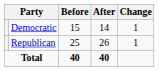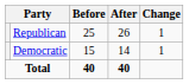 <table class="wikitable" style="text-align:center;">
 <tr>
 <th colspan="2">Party</th>
 <th>Before</th>
 <th>After</th>
 <th>Change</th>
 </tr>
 <tr>
 <th style="background-color:"></th>
-<td style="text-align:left;"><a href='#'>Democratic</a></td>
-<td>15</td>
-<td>14</td>
+<td style="text-align:left;"><a href='#'>Republican</a></td>
+<td>25</td>
+<td>26</td>
 <td> 1</td>
 </tr>
 <tr>
 <th style="background-color:"></th>
-<td style="text-align:left;"><a href='#'>Republican</a></td>
-<td>25</td>
-<td>26</td>
+<td style="text-align:left;"><a href='#'>Democratic</a></td>
+<td>15</td>
+<td>14</td>
 <td> 1</td>
 </tr>
 <tr>
 <td colspan="2"><strong>Total</strong></td>
 <td><strong>40</strong></td>
 <td><strong>40</strong></td>
 <td></td>
 </tr>
 </table>
